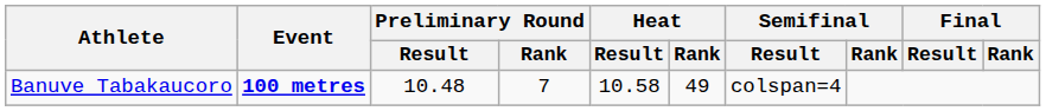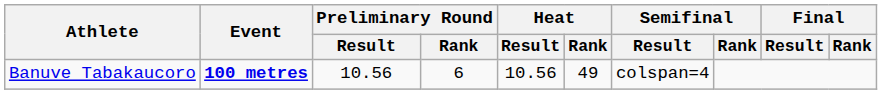 <table class="wikitable" style="font-size:90%">
 <tr>
 <th rowspan="2">Athlete</th>
 <th rowspan="2">Event</th>
 <th colspan="2">Preliminary Round</th>
 <th colspan="2">Heat</th>
 <th colspan="2">Semifinal</th>
 <th colspan="2">Final</th>
 </tr>
 <tr style="font-size:95%">
 <th>Result</th>
 <th>Rank</th>
 <th>Result</th>
 <th>Rank</th>
 <th>Result</th>
 <th>Rank</th>
 <th>Result</th>
 <th>Rank</th>
 </tr>
 <tr style=text-align:center>
 <td style=text-align:left><a href='#'>Banuve Tabakaucoro</a></td>
 <td style=text-align:left><strong><a href='#'>100 metres</a></strong></td>
-<td>10.48</td>
-<td>7</td>
-<td>10.58</td>
+<td>10.56</td>
+<td>6</td>
+<td>10.56</td>
 <td>49</td>
 <td>colspan=4 </td>
 </tr>
 </table>
